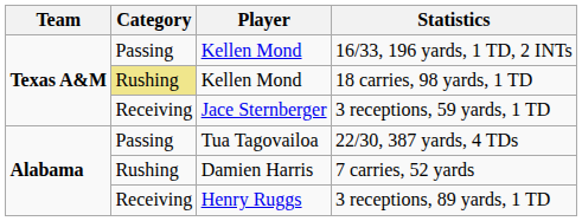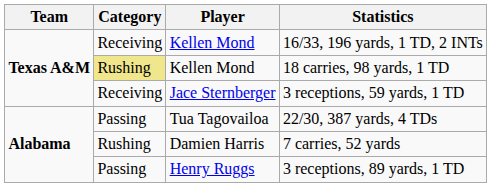 <table class="wikitable" style="float: right;">
 <tr>
 <th>Team</th>
 <th>Category</th>
 <th>Player</th>
 <th>Statistics</th>
 </tr>
 <tr>
 <td rowspan=3><strong>Texas A&M</strong></td>
-<td>Passing</td>
+<td>Receiving</td>
 <td><a href='#'>Kellen Mond</a></td>
 <td>16/33, 196 yards, 1 TD, 2 INTs</td>
 </tr>
 <tr>
 <td style="background: khaki;">Rushing</td>
 <td>Kellen Mond</td>
 <td>18 carries, 98 yards, 1 TD</td>
 </tr>
 <tr>
 <td>Receiving</td>
 <td><a href='#'>Jace Sternberger</a></td>
 <td>3 receptions, 59 yards, 1 TD</td>
 </tr>
 <tr>
 <td rowspan=3><strong>Alabama</strong></td>
 <td>Passing</td>
 <td>Tua Tagovailoa</td>
 <td>22/30, 387 yards, 4 TDs</td>
 </tr>
 <tr>
 <td>Rushing</td>
 <td>Damien Harris</td>
 <td>7 carries, 52 yards</td>
 </tr>
 <tr>
-<td>Receiving</td>
+<td>Passing</td>
 <td><a href='#'>Henry Ruggs</a></td>
 <td>3 receptions, 89 yards, 1 TD</td>
 </tr>
 </table>
